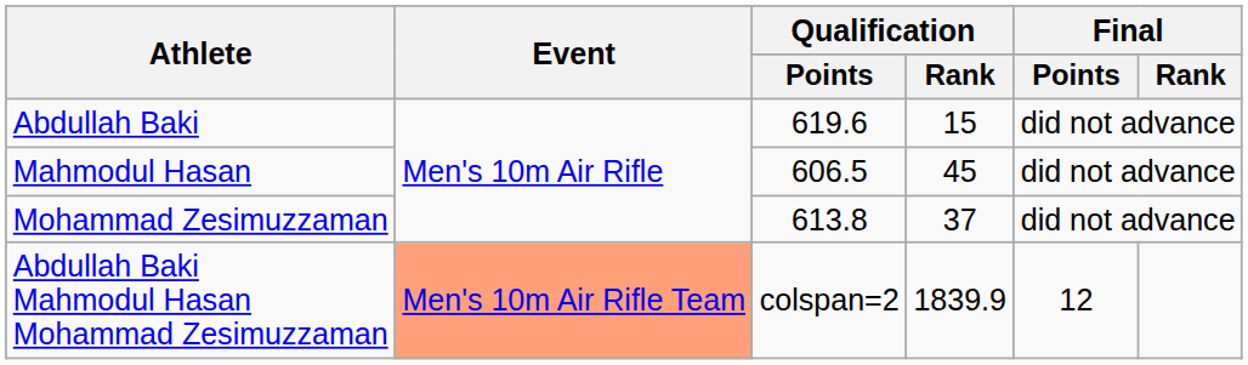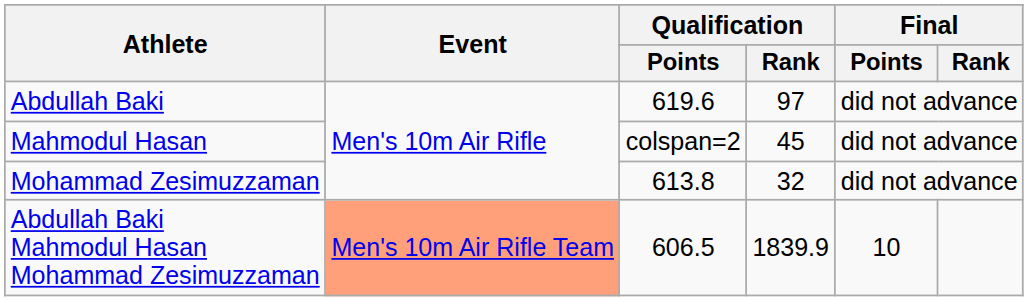 <table class="wikitable" style="font-size:90%;">
 <tr>
 <th rowspan=2>Athlete</th>
 <th rowspan=2>Event</th>
 <th colspan=2>Qualification</th>
 <th colspan=2>Final</th>
 </tr>
 <tr style="font-size:95%">
 <th>Points</th>
 <th>Rank</th>
 <th>Points</th>
 <th>Rank</th>
 </tr>
 <tr align=center>
 <td align=left><a href='#'>Abdullah Baki</a></td>
 <td align=left rowspan=3><a href='#'>Men's 10m Air Rifle</a></td>
 <td>619.6</td>
-<td>15</td>
+<td>97</td>
 <td colspan=2>did not advance</td>
 </tr>
 <tr align=center>
 <td align=left><a href='#'>Mahmodul Hasan</a></td>
-<td>606.5</td>
+<td>colspan=2 </td>
 <td>45</td>
 <td colspan=2>did not advance</td>
 </tr>
 <tr align=center>
 <td align=left><a href='#'>Mohammad Zesimuzzaman</a></td>
 <td>613.8</td>
-<td>37</td>
+<td>32</td>
 <td colspan=2>did not advance</td>
 </tr>
 <tr align=center>
 <td align=left><a href='#'>Abdullah Baki</a> <br> <a href='#'>Mahmodul Hasan</a> <br> <a href='#'>Mohammad Zesimuzzaman</a></td>
 <td align=left style="background: lightsalmon;"><a href='#'>Men's 10m Air Rifle Team</a></td>
-<td>colspan=2 </td>
+<td>606.5</td>
 <td>1839.9</td>
-<td>12</td>
+<td>10</td>
 </tr>
 </table>
